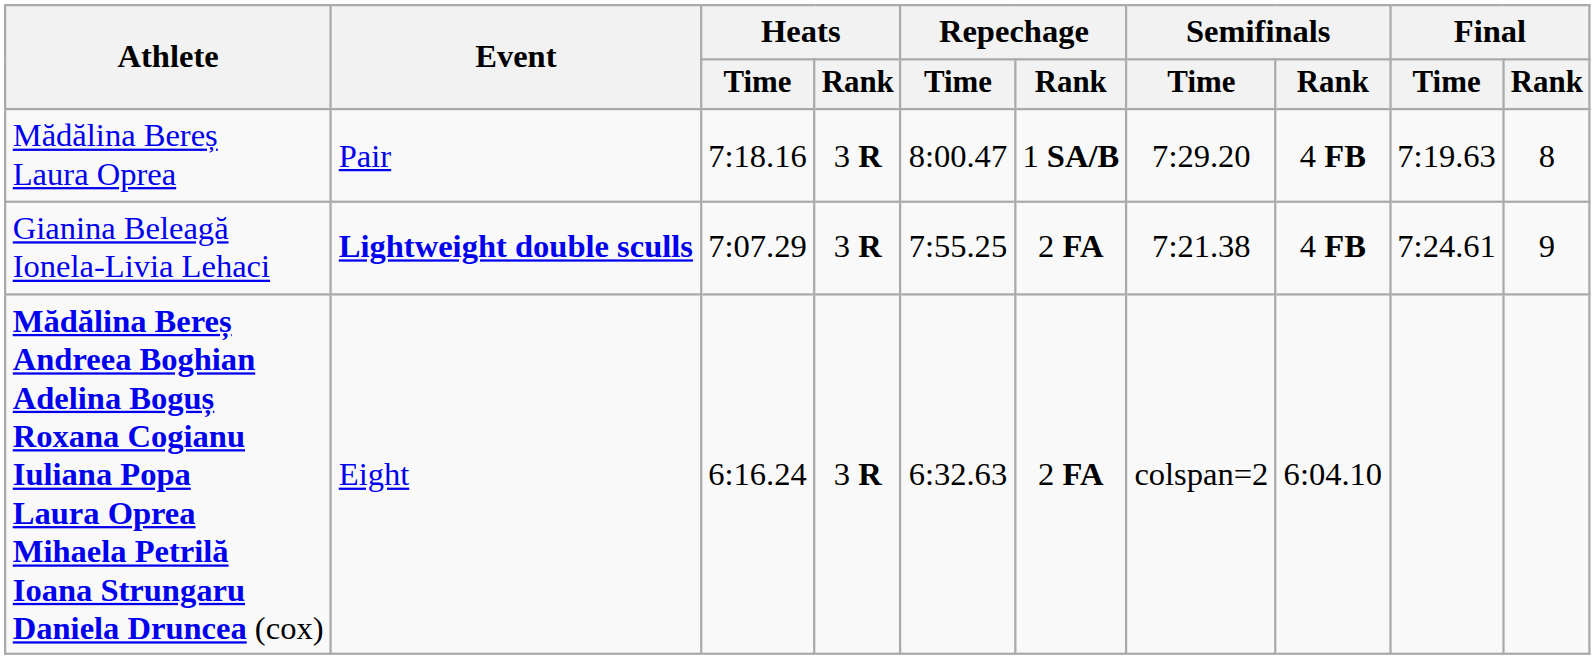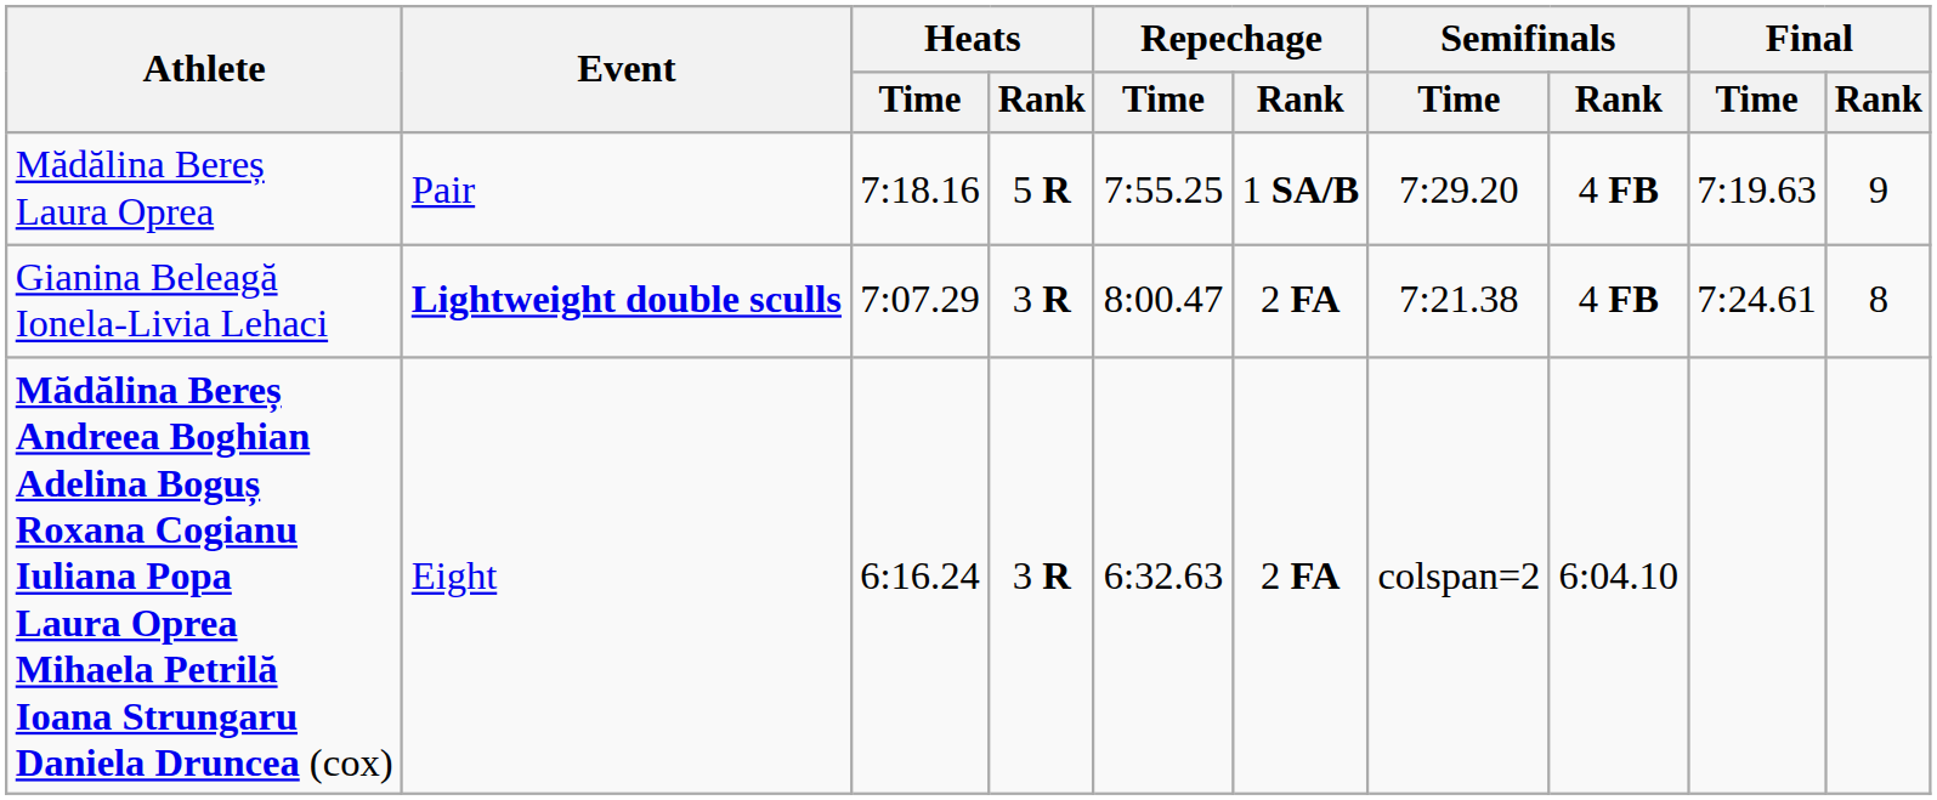 <table class="wikitable" style="font-size:90%">
 <tr>
 <th rowspan="2">Athlete</th>
 <th rowspan="2">Event</th>
 <th colspan="2">Heats</th>
 <th colspan="2">Repechage</th>
 <th colspan="2">Semifinals</th>
 <th colspan="2">Final</th>
 </tr>
 <tr style="font-size:95%">
 <th>Time</th>
 <th>Rank</th>
 <th>Time</th>
 <th>Rank</th>
 <th>Time</th>
 <th>Rank</th>
 <th>Time</th>
 <th>Rank</th>
 </tr>
 <tr align=center>
 <td align=left><a href='#'>Mădălina Bereș</a><br><a href='#'>Laura Oprea</a></td>
 <td align=left><a href='#'>Pair</a></td>
 <td>7:18.16</td>
-<td>3 <strong>R</strong></td>
-<td>8:00.47</td>
+<td>5 <strong>R</strong></td>
+<td>7:55.25</td>
 <td>1 <strong>SA/B</strong></td>
 <td>7:29.20</td>
 <td>4 <strong>FB</strong></td>
 <td>7:19.63</td>
-<td>8</td>
+<td>9</td>
 </tr>
 <tr align=center>
 <td align=left><a href='#'>Gianina Beleagă</a><br><a href='#'>Ionela-Livia Lehaci</a></td>
 <td align=left><strong><a href='#'>Lightweight double sculls</a></strong></td>
 <td>7:07.29</td>
 <td>3 <strong>R</strong></td>
-<td>7:55.25</td>
+<td>8:00.47</td>
 <td>2 <strong>FA</strong></td>
 <td>7:21.38</td>
 <td>4 <strong>FB</strong></td>
 <td>7:24.61</td>
-<td>9</td>
+<td>8</td>
 </tr>
 <tr align=center>
 <td align=left><strong><a href='#'>Mădălina Bereș</a></strong><br><strong><a href='#'>Andreea Boghian</a></strong><br><strong><a href='#'>Adelina Boguș</a></strong><br><strong><a href='#'>Roxana Cogianu</a></strong><br><strong><a href='#'>Iuliana Popa</a></strong><br><strong><a href='#'>Laura Oprea</a></strong><br><strong><a href='#'>Mihaela Petrilă</a></strong><br><strong><a href='#'>Ioana Strungaru</a></strong><br><strong><a href='#'>Daniela Druncea</a></strong> (cox)</td>
 <td align=left><a href='#'>Eight</a></td>
 <td>6:16.24</td>
 <td>3 <strong>R</strong></td>
 <td>6:32.63</td>
 <td>2 <strong>FA</strong></td>
 <td>colspan=2 </td>
 <td>6:04.10</td>
 <td></td>
 </tr>
 </table>
